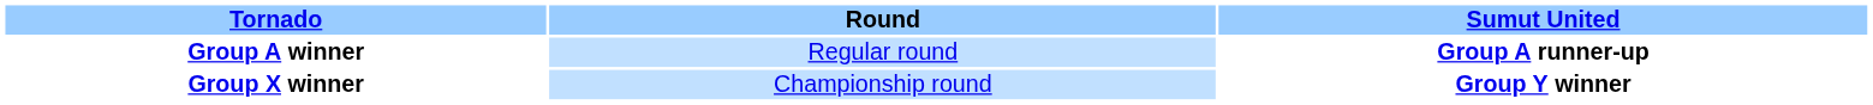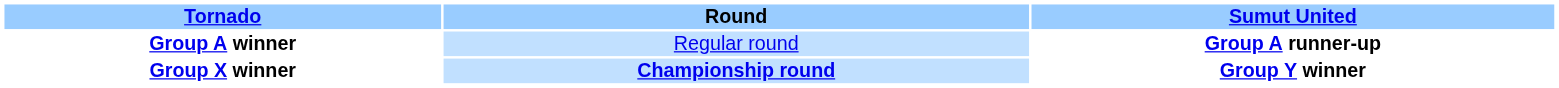 <table style="width:100%; text-align:center;">
 <tr style="vertical-align:top; background:#99CCFF;">
 <th colspan="4"><a href='#'>Tornado</a></th>
 <th>Round</th>
 <th colspan="4"><a href='#'>Sumut United</a></th>
 </tr>
 <tr>
 <td colspan="4" style="text-align:center;"><a href='#'><strong>Group A</strong></a> <strong>winner</strong> </td>
 <td style="background:#C1E0FF;"><a href='#'>Regular round</a></td>
 <td colspan="4" style="text-align:center;"><a href='#'><strong>Group A</strong></a> <strong>runner-up</strong> </td>
 </tr>
 <tr>
 <td colspan="4" style="text-align:center;"><a href='#'><strong>Group X</strong></a> <strong>winner</strong> </td>
-<td style="background:#C1E0FF;"><a href='#'>Championship round</a></td>
+<td style="background:#C1E0FF;"><strong><a href='#'>Championship round</a></strong></td>
 <td colspan="4" style="text-align:center;"><a href='#'><strong>Group Y</strong></a> <strong>winner</strong> </td>
 </tr>
 <tr>
 </tr>
 </table>
